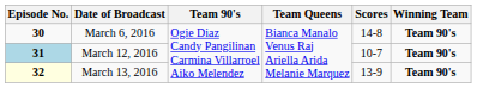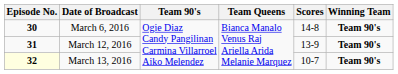 <table class="wikitable">
 <tr>
 <th>Episode No.</th>
 <th>Date of Broadcast</th>
 <th>Team 90's</th>
 <th>Team Queens</th>
 <th>Scores</th>
 <th>Winning Team</th>
 </tr>
 <tr>
 <td align="center"><strong>30</strong></td>
 <td align="center">March 6, 2016</td>
 <td rowspan="3"><a href='#'>Ogie Diaz</a><br><a href='#'>Candy Pangilinan</a><br><a href='#'>Carmina Villarroel</a><br><a href='#'>Aiko Melendez</a></td>
 <td rowspan="3"><a href='#'>Bianca Manalo</a><br><a href='#'>Venus Raj</a><br><a href='#'>Ariella Arida</a><br><a href='#'>Melanie Marquez</a></td>
 <td align="center">14-8</td>
 <td align="center"><strong>Team 90's</strong></td>
 </tr>
 <tr>
-<td align="center" style="background: lightblue;"><strong>31</strong></td>
+<td align="center"><strong>31</strong></td>
 <td align="center">March 12, 2016</td>
-<td align="center">10-7</td>
+<td align="center">13-9</td>
 <td align="center"><strong>Team 90's</strong></td>
 </tr>
 <tr>
 <td align="center" style="background: lightyellow;"><strong>32</strong></td>
 <td align="center">March 13, 2016</td>
-<td align="center">13-9</td>
+<td align="center">10-7</td>
 <td align="center"><strong>Team 90's</strong></td>
 </tr>
 </table>
